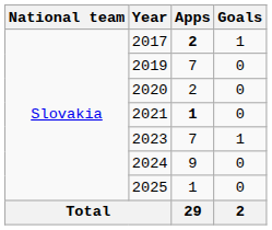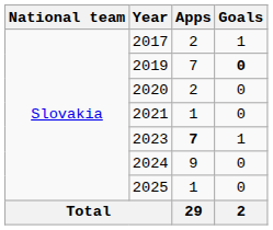 <table class=wikitable style=text-align:center>
 <tr>
 <th>National team</th>
 <th>Year</th>
 <th>Apps</th>
 <th>Goals</th>
 </tr>
 <tr>
 <td rowspan="7"><a href='#'>Slovakia</a></td>
 <td>2017</td>
-<td><strong>2</strong></td>
+<td>2</td>
 <td>1</td>
 </tr>
 <tr>
 <td>2019</td>
 <td>7</td>
-<td>0</td>
+<td><strong>0</strong></td>
 </tr>
 <tr>
 <td>2020</td>
 <td>2</td>
 <td>0</td>
 </tr>
 <tr>
 <td>2021</td>
-<td><strong>1</strong></td>
+<td>1</td>
 <td>0</td>
 </tr>
 <tr>
 <td>2023</td>
-<td>7</td>
+<td><strong>7</strong></td>
 <td>1</td>
 </tr>
 <tr>
 <td>2024</td>
 <td>9</td>
 <td>0</td>
 </tr>
 <tr>
 <td>2025</td>
 <td>1</td>
 <td>0</td>
 </tr>
 <tr>
 <th colspan="2">Total</th>
 <th>29</th>
 <th>2</th>
 </tr>
 </table>
